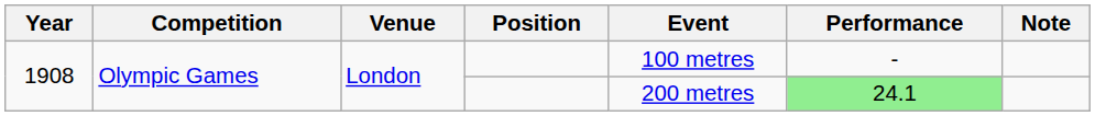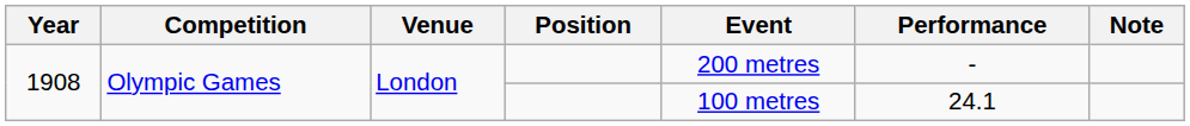 <table class="wikitable" width=55% style="font-size:90%; text-align:center;">
 <tr>
 <th>Year</th>
 <th>Competition</th>
 <th>Venue</th>
 <th>Position</th>
 <th>Event</th>
 <th>Performance</th>
 <th>Note</th>
 </tr>
 <tr>
 <td rowspan=2>1908</td>
 <td rowspan=2 align=left><a href='#'>Olympic Games</a></td>
 <td rowspan=2 align=left> <a href='#'>London</a></td>
 <td></td>
-<td><a href='#'>100 metres</a></td>
+<td><a href='#'>200 metres</a></td>
 <td>-</td>
 <td></td>
 </tr>
 <tr>
 <td></td>
-<td><a href='#'>200 metres</a></td>
-<td style="background: lightgreen;">24.1</td>
+<td><a href='#'>100 metres</a></td>
+<td>24.1</td>
 <td></td>
 </tr>
 </table>
